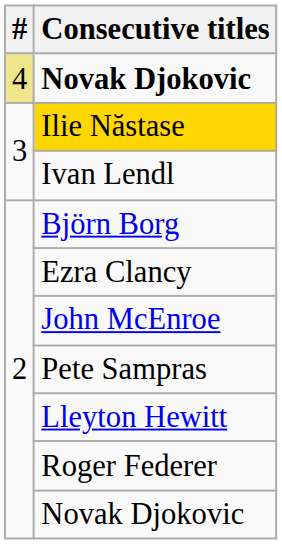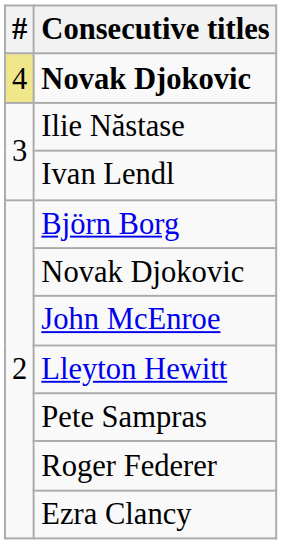 <table class="wikitable" style="display:inline-table;">
 <tr>
 <th>#</th>
 <th>Consecutive titles</th>
 </tr>
 <tr>
 <td style="background: khaki; text-align: center;">4</td>
 <td> <strong>Novak Djokovic</strong></td>
 </tr>
 <tr>
 <td rowspan="2" style="text-align: center;">3</td>
-<td style="background: gold;"> Ilie Năstase</td>
+<td> Ilie Năstase</td>
 </tr>
 <tr>
 <td> Ivan Lendl</td>
 </tr>
 <tr>
 <td rowspan="7" style="text-align: center;">2</td>
 <td> <a href='#'>Björn Borg</a></td>
 </tr>
 <tr>
-<td> Ezra Clancy</td>
+<td> Novak Djokovic</td>
 </tr>
 <tr>
 <td> <a href='#'>John McEnroe</a></td>
 </tr>
 <tr>
-<td> Pete Sampras</td>
+<td> <a href='#'>Lleyton Hewitt</a></td>
 </tr>
 <tr>
-<td> <a href='#'>Lleyton Hewitt</a></td>
+<td> Pete Sampras</td>
 </tr>
 <tr>
 <td> Roger Federer </td>
 </tr>
 <tr>
-<td> Novak Djokovic</td>
+<td> Ezra Clancy</td>
 </tr>
 </table>
